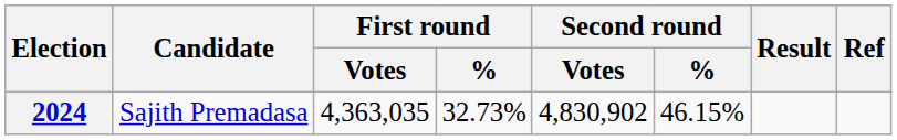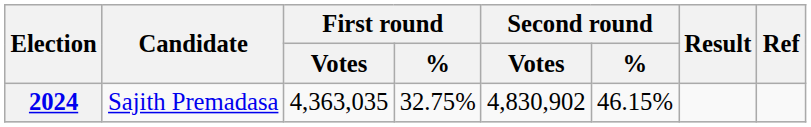 <table class="wikitable">
 <tr>
 <th rowspan="2" style="background-color:">Election</th>
 <th rowspan="2" style="background-color:">Candidate</th>
 <th colspan="2" style="background-color:">First round</th>
 <th colspan="2" style="background-color:">Second round</th>
 <th rowspan="2" style="background-color:">Result</th>
 <th rowspan="2" style="background-color:">Ref</th>
 </tr>
 <tr>
 <th style="background-color:">Votes</th>
 <th style="background-color:">%</th>
 <th style="background-color:">Votes</th>
 <th style="background-color:">%</th>
 </tr>
 <tr>
 <th><a href='#'>2024</a></th>
 <td><a href='#'>Sajith Premadasa</a></td>
 <td align="center">4,363,035</td>
-<td align="center">32.73%</td>
+<td align="center">32.75%</td>
 <td align="center">4,830,902</td>
 <td align="center">46.15%</td>
 <td></td>
 <td></td>
 </tr>
 </table>
